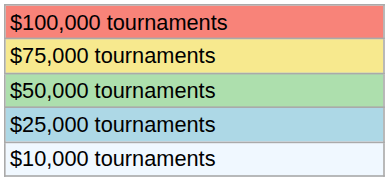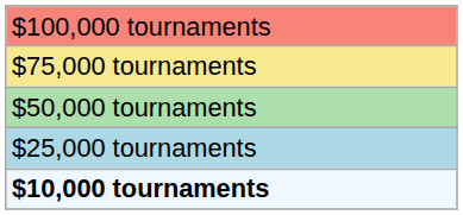 <table class=wikitable style="font-size:85%; width:15%;">
 <tr style="background:#f88379;">
 <td>$100,000 tournaments</td>
 </tr>
 <tr style="background:#f7e98e;">
 <td>$75,000 tournaments</td>
 </tr>
 <tr style="background:#addfad;">
 <td>$50,000 tournaments</td>
 </tr>
 <tr style="background:lightblue;">
 <td>$25,000 tournaments</td>
 </tr>
 <tr style="background:#f0f8ff;">
-<td>$10,000 tournaments</td>
+<td><strong>$10,000 tournaments</strong></td>
 </tr>
 </table>
